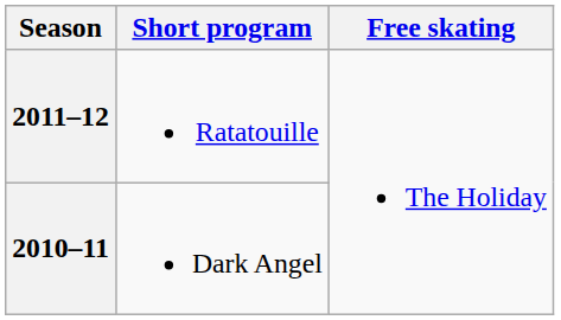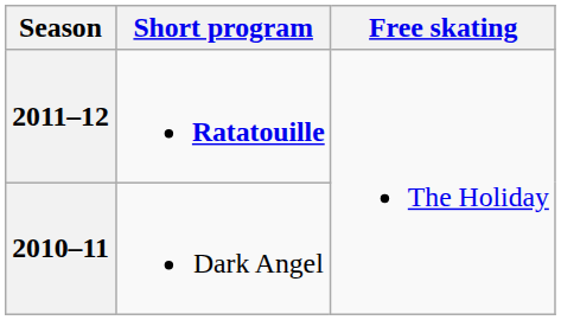 <table class="wikitable" style="text-align:center">
 <tr>
 <th>Season</th>
 <th><a href='#'>Short program</a></th>
 <th><a href='#'>Free skating</a></th>
 </tr>
 <tr>
 <th>2011–12</th>
-<td><br><ul><li><a href='#'>Ratatouille</a></li></ul></td>
+<td><strong><br><ul><li><a href='#'>Ratatouille</a></li></ul></strong></td>
 <td rowspan=2><br><ul><li><a href='#'>The Holiday</a> <br></li></ul></td>
 </tr>
 <tr>
 <th>2010–11 <br> </th>
 <td><br><ul><li>Dark Angel <br></li></ul></td>
 </tr>
 </table>
